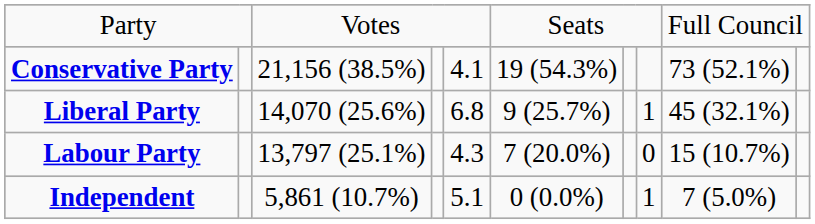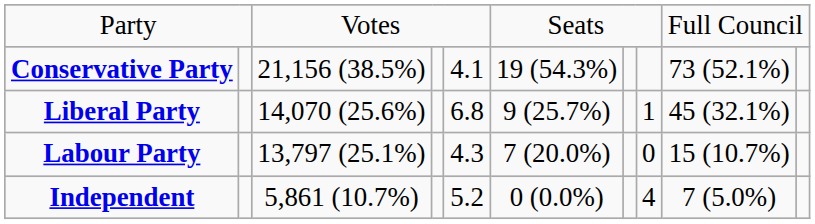 <table class=wikitable style="text-align:center;">
 <tr>
 <td colspan=2>Party</td>
 <td colspan=3>Votes</td>
 <td colspan=3>Seats</td>
 <td colspan=3>Full Council</td>
 </tr>
 <tr>
 <td><strong><a href='#'>Conservative Party</a></strong></td>
 <td style="background:"></td>
 <td>21,156 (38.5%)</td>
 <td></td>
 <td> 4.1</td>
 <td>19 (54.3%)</td>
 <td></td>
 <td></td>
 <td>73 (52.1%)</td>
 <td></td>
 </tr>
 <tr>
 <td><strong><a href='#'>Liberal Party</a></strong></td>
 <td style="background:"></td>
 <td>14,070 (25.6%)</td>
 <td></td>
 <td> 6.8</td>
 <td>9 (25.7%)</td>
 <td></td>
 <td> 1</td>
 <td>45 (32.1%)</td>
 <td></td>
 </tr>
 <tr>
 <td><strong><a href='#'>Labour Party</a></strong></td>
 <td style="background:"></td>
 <td>13,797 (25.1%)</td>
 <td></td>
 <td> 4.3</td>
 <td>7 (20.0%)</td>
 <td></td>
 <td> 0</td>
 <td>15 (10.7%)</td>
 <td></td>
 </tr>
 <tr>
 <td><strong><a href='#'>Independent</a></strong></td>
 <td style="background:"></td>
 <td>5,861 (10.7%)</td>
 <td></td>
-<td> 5.1</td>
+<td> 5.2</td>
 <td>0 (0.0%)</td>
 <td></td>
-<td> 1</td>
+<td> 4</td>
 <td>7 (5.0%)</td>
 <td></td>
 </tr>
 </table>
